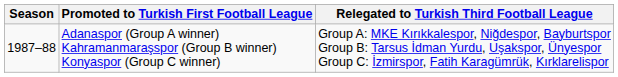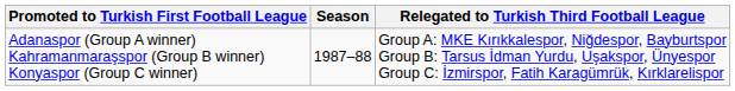 <table class="wikitable">
 <tr>
+<th>Promoted to <a href='#'>Turkish First Football League</a></th>
 <th>Season</th>
-<th>Promoted to <a href='#'>Turkish First Football League</a></th>
 <th>Relegated to <a href='#'>Turkish Third Football League</a></th>
 </tr>
 <tr>
+<td><a href='#'>Adanaspor</a> (Group A winner)<br><a href='#'>Kahramanmaraşspor</a> (Group B winner)<br><a href='#'>Konyaspor</a> (Group C winner)</td>
 <td>1987–88</td>
-<td><a href='#'>Adanaspor</a> (Group A winner)<br><a href='#'>Kahramanmaraşspor</a> (Group B winner)<br><a href='#'>Konyaspor</a> (Group C winner)</td>
 <td>Group A: <a href='#'>MKE Kırıkkalespor</a>, <a href='#'>Niğdespor</a>, <a href='#'>Bayburtspor</a><br>Group B: <a href='#'>Tarsus İdman Yurdu</a>, <a href='#'>Uşakspor</a>, <a href='#'>Ünyespor</a><br>Group C: <a href='#'>İzmirspor</a>, <a href='#'>Fatih Karagümrük</a>, <a href='#'>Kırklarelispor</a></td>
 </tr>
 </table>
